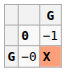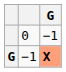 <table class="wikitable">
 <tr>
 <th></th>
 <th></th>
 <th>G</th>
 </tr>
 <tr>
 <th scope="row"></th>
-<td><strong>0</strong></td>
+<td>0</td>
 <td>−1</td>
 </tr>
 <tr>
 <th scope="row">G</th>
-<td>−0</td>
+<td>−1</td>
 <td style="background: lightsalmon;"><strong>X</strong></td>
 </tr>
 </table>
